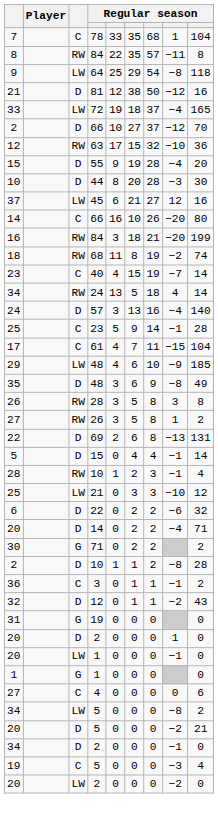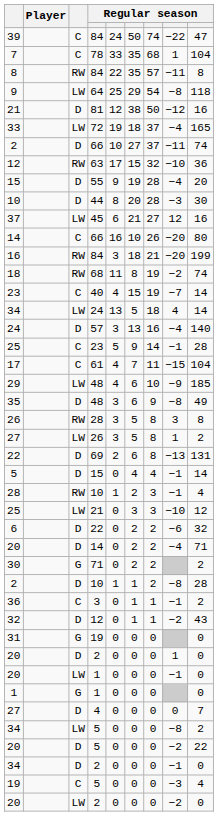 <table class="wikitable sortable plainrowheaders" style="text-align:center;">
 <tr>
 <th scope="col" data-sort-type="number" rowspan="2"></th>
 <th scope="col" rowspan="2">Player</th>
 <th scope="col" rowspan="2"></th>
 <th scope=colgroup colspan=6>Regular season</th>
 </tr>
 <tr>
 <th scope="col" data-sort-type="number"></th>
 <th scope="col" data-sort-type="number"></th>
 <th scope="col" data-sort-type="number"></th>
 <th scope="col" data-sort-type="number"></th>
 <th scope="col" data-sort-type="number"></th>
 <th scope="col" data-sort-type="number"></th>
+</tr>
+<tr>
+<td scope="row">39</td>
+<td align="left"></td>
+<td>C</td>
+<td>84</td>
+<td>24</td>
+<td>50</td>
+<td>74</td>
+<td>−22</td>
+<td>47</td>
 </tr>
 <tr>
 <td scope="row">7</td>
 <td align="left"></td>
 <td>C</td>
 <td>78</td>
 <td>33</td>
 <td>35</td>
 <td>68</td>
 <td>1</td>
 <td>104</td>
 </tr>
 <tr>
 <td scope="row">8</td>
 <td align="left"></td>
 <td>RW</td>
 <td>84</td>
 <td>22</td>
 <td>35</td>
 <td>57</td>
 <td>−11</td>
 <td>8</td>
 </tr>
 <tr>
 <td scope="row">9</td>
 <td align="left"></td>
 <td>LW</td>
 <td>64</td>
 <td>25</td>
 <td>29</td>
 <td>54</td>
 <td>−8</td>
 <td>118</td>
 </tr>
 <tr>
 <td scope="row">21</td>
 <td align="left"></td>
 <td>D</td>
 <td>81</td>
 <td>12</td>
 <td>38</td>
 <td>50</td>
 <td>−12</td>
 <td>16</td>
 </tr>
 <tr>
 <td scope="row">33</td>
 <td align="left"></td>
 <td>LW</td>
 <td>72</td>
 <td>19</td>
 <td>18</td>
 <td>37</td>
 <td>−4</td>
 <td>165</td>
 </tr>
 <tr>
 <td scope="row">2</td>
 <td align="left"></td>
 <td>D</td>
 <td>66</td>
 <td>10</td>
 <td>27</td>
 <td>37</td>
-<td>−12</td>
-<td>70</td>
+<td>−11</td>
+<td>74</td>
 </tr>
 <tr>
 <td scope="row">12</td>
 <td align="left"></td>
 <td>RW</td>
 <td>63</td>
 <td>17</td>
 <td>15</td>
 <td>32</td>
 <td>−10</td>
 <td>36</td>
 </tr>
 <tr>
 <td scope="row">15</td>
 <td align="left"></td>
 <td>D</td>
 <td>55</td>
 <td>9</td>
 <td>19</td>
 <td>28</td>
 <td>−4</td>
 <td>20</td>
 </tr>
 <tr>
 <td scope="row">10</td>
 <td align="left"></td>
 <td>D</td>
 <td>44</td>
 <td>8</td>
 <td>20</td>
 <td>28</td>
 <td>−3</td>
 <td>30</td>
 </tr>
 <tr>
 <td scope="row">37</td>
 <td align="left"></td>
 <td>LW</td>
 <td>45</td>
 <td>6</td>
 <td>21</td>
 <td>27</td>
 <td>12</td>
 <td>16</td>
 </tr>
 <tr>
 <td scope="row">14</td>
 <td align="left"></td>
 <td>C</td>
 <td>66</td>
 <td>16</td>
 <td>10</td>
 <td>26</td>
 <td>−20</td>
 <td>80</td>
 </tr>
 <tr>
 <td scope="row">16</td>
 <td align="left"></td>
 <td>RW</td>
 <td>84</td>
 <td>3</td>
 <td>18</td>
 <td>21</td>
 <td>−20</td>
 <td>199</td>
 </tr>
 <tr>
 <td scope="row">18</td>
 <td align="left"></td>
 <td>RW</td>
 <td>68</td>
 <td>11</td>
 <td>8</td>
 <td>19</td>
 <td>−2</td>
 <td>74</td>
 </tr>
 <tr>
 <td scope="row">23</td>
 <td align="left"></td>
 <td>C</td>
 <td>40</td>
 <td>4</td>
 <td>15</td>
 <td>19</td>
 <td>−7</td>
 <td>14</td>
 </tr>
 <tr>
 <td scope="row">34</td>
 <td align="left"></td>
-<td>RW</td>
+<td>LW</td>
 <td>24</td>
 <td>13</td>
 <td>5</td>
 <td>18</td>
 <td>4</td>
 <td>14</td>
 </tr>
 <tr>
 <td scope="row">24</td>
 <td align="left"></td>
 <td>D</td>
 <td>57</td>
 <td>3</td>
 <td>13</td>
 <td>16</td>
 <td>−4</td>
 <td>140</td>
 </tr>
 <tr>
 <td scope="row">25</td>
 <td align="left"></td>
 <td>C</td>
 <td>23</td>
 <td>5</td>
 <td>9</td>
 <td>14</td>
 <td>−1</td>
 <td>28</td>
 </tr>
 <tr>
 <td scope="row">17</td>
 <td align="left"></td>
 <td>C</td>
 <td>61</td>
 <td>4</td>
 <td>7</td>
 <td>11</td>
 <td>−15</td>
 <td>104</td>
 </tr>
 <tr>
 <td scope="row">29</td>
 <td align="left"></td>
 <td>LW</td>
 <td>48</td>
 <td>4</td>
 <td>6</td>
 <td>10</td>
 <td>−9</td>
 <td>185</td>
 </tr>
 <tr>
 <td scope="row">35</td>
 <td align="left"></td>
 <td>D</td>
 <td>48</td>
 <td>3</td>
 <td>6</td>
 <td>9</td>
 <td>−8</td>
 <td>49</td>
 </tr>
 <tr>
 <td scope="row">26</td>
 <td align="left"></td>
 <td>RW</td>
 <td>28</td>
 <td>3</td>
 <td>5</td>
 <td>8</td>
 <td>3</td>
 <td>8</td>
 </tr>
 <tr>
 <td scope="row">27</td>
 <td align="left"></td>
-<td>RW</td>
+<td>LW</td>
 <td>26</td>
 <td>3</td>
 <td>5</td>
 <td>8</td>
 <td>1</td>
 <td>2</td>
 </tr>
 <tr>
 <td scope="row">22</td>
 <td align="left"></td>
 <td>D</td>
 <td>69</td>
 <td>2</td>
 <td>6</td>
 <td>8</td>
 <td>−13</td>
 <td>131</td>
 </tr>
 <tr>
 <td scope="row">5</td>
 <td align="left"></td>
 <td>D</td>
 <td>15</td>
 <td>0</td>
 <td>4</td>
 <td>4</td>
 <td>−1</td>
 <td>14</td>
 </tr>
 <tr>
 <td scope="row">28</td>
 <td align="left"></td>
 <td>RW</td>
 <td>10</td>
 <td>1</td>
 <td>2</td>
 <td>3</td>
 <td>−1</td>
 <td>4</td>
 </tr>
 <tr>
 <td scope="row">25</td>
 <td align="left"></td>
 <td>LW</td>
 <td>21</td>
 <td>0</td>
 <td>3</td>
 <td>3</td>
 <td>−10</td>
 <td>12</td>
 </tr>
 <tr>
 <td scope="row">6</td>
 <td align="left"></td>
 <td>D</td>
 <td>22</td>
 <td>0</td>
 <td>2</td>
 <td>2</td>
 <td>−6</td>
 <td>32</td>
 </tr>
 <tr>
 <td scope="row">20</td>
 <td align="left"></td>
 <td>D</td>
 <td>14</td>
 <td>0</td>
 <td>2</td>
 <td>2</td>
 <td>−4</td>
 <td>71</td>
 </tr>
 <tr>
 <td scope="row">30</td>
 <td align="left"></td>
 <td>G</td>
 <td>71</td>
 <td>0</td>
 <td>2</td>
 <td>2</td>
 <td style="background:#ccc"></td>
 <td>2</td>
 </tr>
 <tr>
 <td scope="row">2</td>
 <td align="left"></td>
 <td>D</td>
 <td>10</td>
 <td>1</td>
 <td>1</td>
 <td>2</td>
 <td>−8</td>
 <td>28</td>
 </tr>
 <tr>
 <td scope="row">36</td>
 <td align="left"></td>
 <td>C</td>
 <td>3</td>
 <td>0</td>
 <td>1</td>
 <td>1</td>
 <td>−1</td>
 <td>2</td>
 </tr>
 <tr>
 <td scope="row">32</td>
 <td align="left"></td>
 <td>D</td>
 <td>12</td>
 <td>0</td>
 <td>1</td>
 <td>1</td>
 <td>−2</td>
 <td>43</td>
 </tr>
 <tr>
 <td scope="row">31</td>
 <td align="left"></td>
 <td>G</td>
 <td>19</td>
 <td>0</td>
 <td>0</td>
 <td>0</td>
 <td style="background:#ccc"></td>
 <td>0</td>
 </tr>
 <tr>
 <td scope="row">20</td>
 <td align="left"></td>
 <td>D</td>
 <td>2</td>
 <td>0</td>
 <td>0</td>
 <td>0</td>
 <td>1</td>
 <td>0</td>
 </tr>
 <tr>
 <td scope="row">20</td>
 <td align="left"></td>
 <td>LW</td>
 <td>1</td>
 <td>0</td>
 <td>0</td>
 <td>0</td>
 <td>−1</td>
 <td>0</td>
 </tr>
 <tr>
 <td scope="row">1</td>
 <td align="left"></td>
 <td>G</td>
 <td>1</td>
 <td>0</td>
 <td>0</td>
 <td>0</td>
 <td style="background:#ccc"></td>
 <td>0</td>
 </tr>
 <tr>
 <td scope="row">27</td>
 <td align="left"></td>
-<td>C</td>
+<td>D</td>
 <td>4</td>
 <td>0</td>
 <td>0</td>
 <td>0</td>
 <td>0</td>
-<td>6</td>
+<td>7</td>
 </tr>
 <tr>
 <td scope="row">34</td>
 <td align="left"></td>
 <td>LW</td>
 <td>5</td>
 <td>0</td>
 <td>0</td>
 <td>0</td>
 <td>−8</td>
 <td>2</td>
 </tr>
 <tr>
 <td scope="row">20</td>
 <td align="left"></td>
 <td>D</td>
 <td>5</td>
 <td>0</td>
 <td>0</td>
 <td>0</td>
 <td>−2</td>
-<td>21</td>
+<td>22</td>
 </tr>
 <tr>
 <td scope="row">34</td>
 <td align="left"></td>
 <td>D</td>
 <td>2</td>
 <td>0</td>
 <td>0</td>
 <td>0</td>
 <td>−1</td>
 <td>0</td>
 </tr>
 <tr>
 <td scope="row">19</td>
 <td align="left"></td>
 <td>C</td>
 <td>5</td>
 <td>0</td>
 <td>0</td>
 <td>0</td>
 <td>−3</td>
 <td>4</td>
 </tr>
 <tr>
 <td scope="row">20</td>
 <td align="left"></td>
 <td>LW</td>
 <td>2</td>
 <td>0</td>
 <td>0</td>
 <td>0</td>
 <td>−2</td>
 <td>0</td>
 </tr>
 </table>
